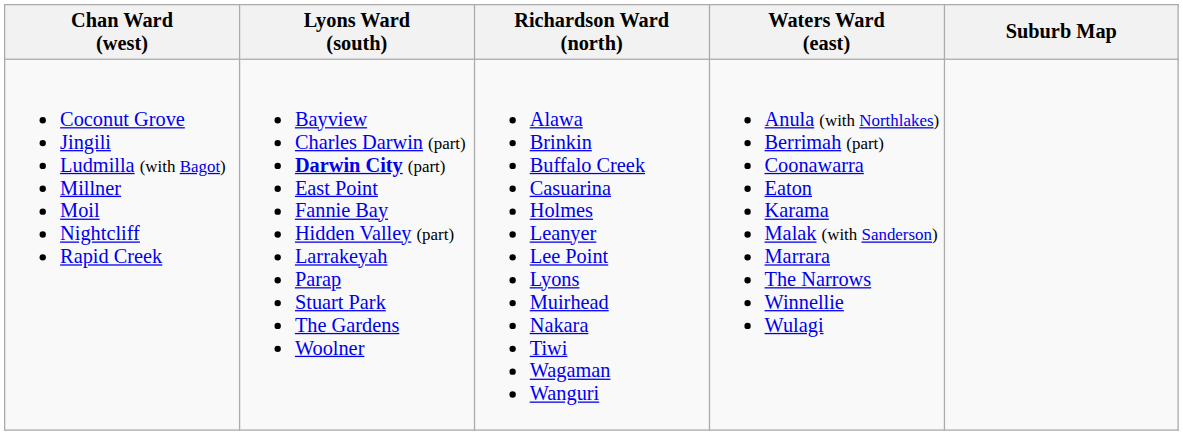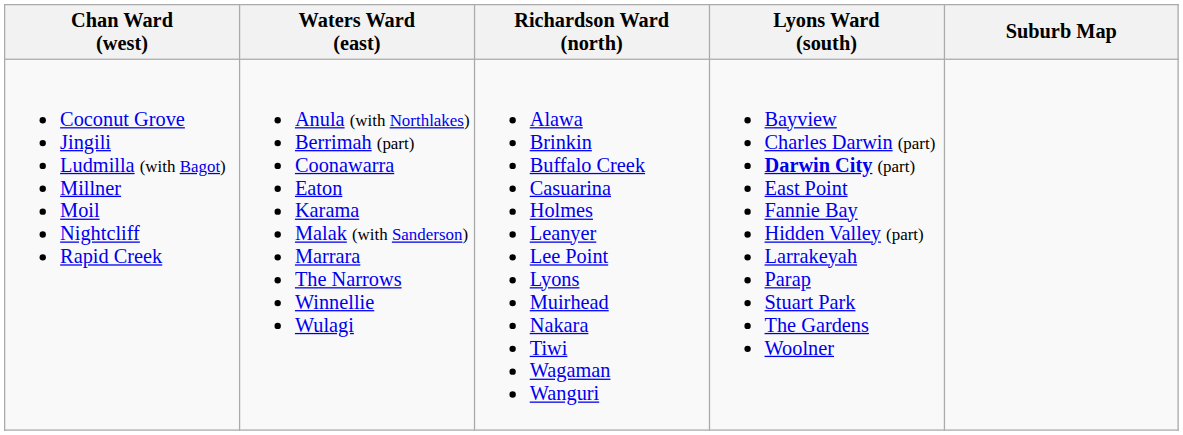 <table class=wikitable>
 <tr>
 <th>Chan Ward<br>(west)</th>
+<th>Waters Ward<br>(east)</th>
+<th>Richardson Ward<br>(north)</th>
 <th>Lyons Ward<br>(south)</th>
-<th>Richardson Ward<br>(north)</th>
-<th>Waters Ward<br>(east)</th>
 <th>Suburb Map</th>
 </tr>
 <tr>
 <td width=20% valign=top><br><ul><li><a href='#'>Coconut Grove</a></li><li><a href='#'>Jingili</a></li><li><a href='#'>Ludmilla</a> <small>(with <a href='#'>Bagot</a>)</small></li><li><a href='#'>Millner</a></li><li><a href='#'>Moil</a></li><li><a href='#'>Nightcliff</a></li><li><a href='#'>Rapid Creek</a></li></ul></td>
+<td width=20% valign=top><br><ul><li><a href='#'>Anula</a> <small>(with <a href='#'>Northlakes</a>)</small></li><li><a href='#'>Berrimah</a> <small>(part)</small></li><li><a href='#'>Coonawarra</a></li><li><a href='#'>Eaton</a></li><li><a href='#'>Karama</a></li><li><a href='#'>Malak</a> <small>(with <a href='#'>Sanderson</a>)</small></li><li><a href='#'>Marrara</a></li><li><a href='#'>The Narrows</a></li><li><a href='#'>Winnellie</a></li><li><a href='#'>Wulagi</a></li></ul></td>
+<td width=20% valign=top><br><ul><li><a href='#'>Alawa</a></li><li><a href='#'>Brinkin</a></li><li><a href='#'>Buffalo Creek</a></li><li><a href='#'>Casuarina</a></li><li><a href='#'>Holmes</a></li><li><a href='#'>Leanyer</a></li><li><a href='#'>Lee Point</a></li><li><a href='#'>Lyons</a></li><li><a href='#'>Muirhead</a></li><li><a href='#'>Nakara</a></li><li><a href='#'>Tiwi</a></li><li><a href='#'>Wagaman</a></li><li><a href='#'>Wanguri</a></li></ul></td>
 <td width=20% valign=top><br><ul><li><a href='#'>Bayview</a></li><li><a href='#'>Charles Darwin</a> <small>(part)</small></li><li><strong><a href='#'>Darwin City</a></strong> <small>(part)</small></li><li><a href='#'>East Point</a></li><li><a href='#'>Fannie Bay</a></li><li><a href='#'>Hidden Valley</a> <small>(part)</small></li><li><a href='#'>Larrakeyah</a></li><li><a href='#'>Parap</a></li><li><a href='#'>Stuart Park</a></li><li><a href='#'>The Gardens</a></li><li><a href='#'>Woolner</a></li></ul></td>
-<td width=20% valign=top><br><ul><li><a href='#'>Alawa</a></li><li><a href='#'>Brinkin</a></li><li><a href='#'>Buffalo Creek</a></li><li><a href='#'>Casuarina</a></li><li><a href='#'>Holmes</a></li><li><a href='#'>Leanyer</a></li><li><a href='#'>Lee Point</a></li><li><a href='#'>Lyons</a></li><li><a href='#'>Muirhead</a></li><li><a href='#'>Nakara</a></li><li><a href='#'>Tiwi</a></li><li><a href='#'>Wagaman</a></li><li><a href='#'>Wanguri</a></li></ul></td>
-<td width=20% valign=top><br><ul><li><a href='#'>Anula</a> <small>(with <a href='#'>Northlakes</a>)</small></li><li><a href='#'>Berrimah</a> <small>(part)</small></li><li><a href='#'>Coonawarra</a></li><li><a href='#'>Eaton</a></li><li><a href='#'>Karama</a></li><li><a href='#'>Malak</a> <small>(with <a href='#'>Sanderson</a>)</small></li><li><a href='#'>Marrara</a></li><li><a href='#'>The Narrows</a></li><li><a href='#'>Winnellie</a></li><li><a href='#'>Wulagi</a></li></ul></td>
 <td width=20% valign=top><br></td>
 </tr>
 </table>
